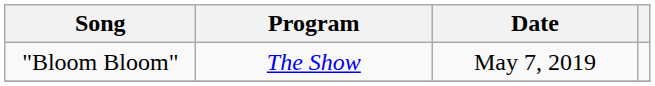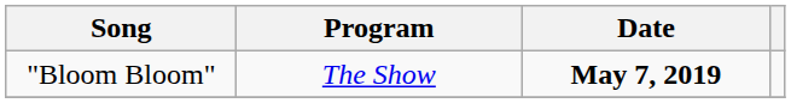 <table class="wikitable" style="text-align:center">
 <tr>
 <th width="120">Song</th>
 <th width="150">Program</th>
 <th width="130">Date</th>
 <th class="unsortable"></th>
 </tr>
 <tr>
 <td>"Bloom Bloom"</td>
 <td><em><a href='#'>The Show</a></em></td>
-<td>May 7, 2019</td>
+<td><strong>May 7, 2019</strong></td>
 <td></td>
 </tr>
 <tr>
 </tr>
 </table>
